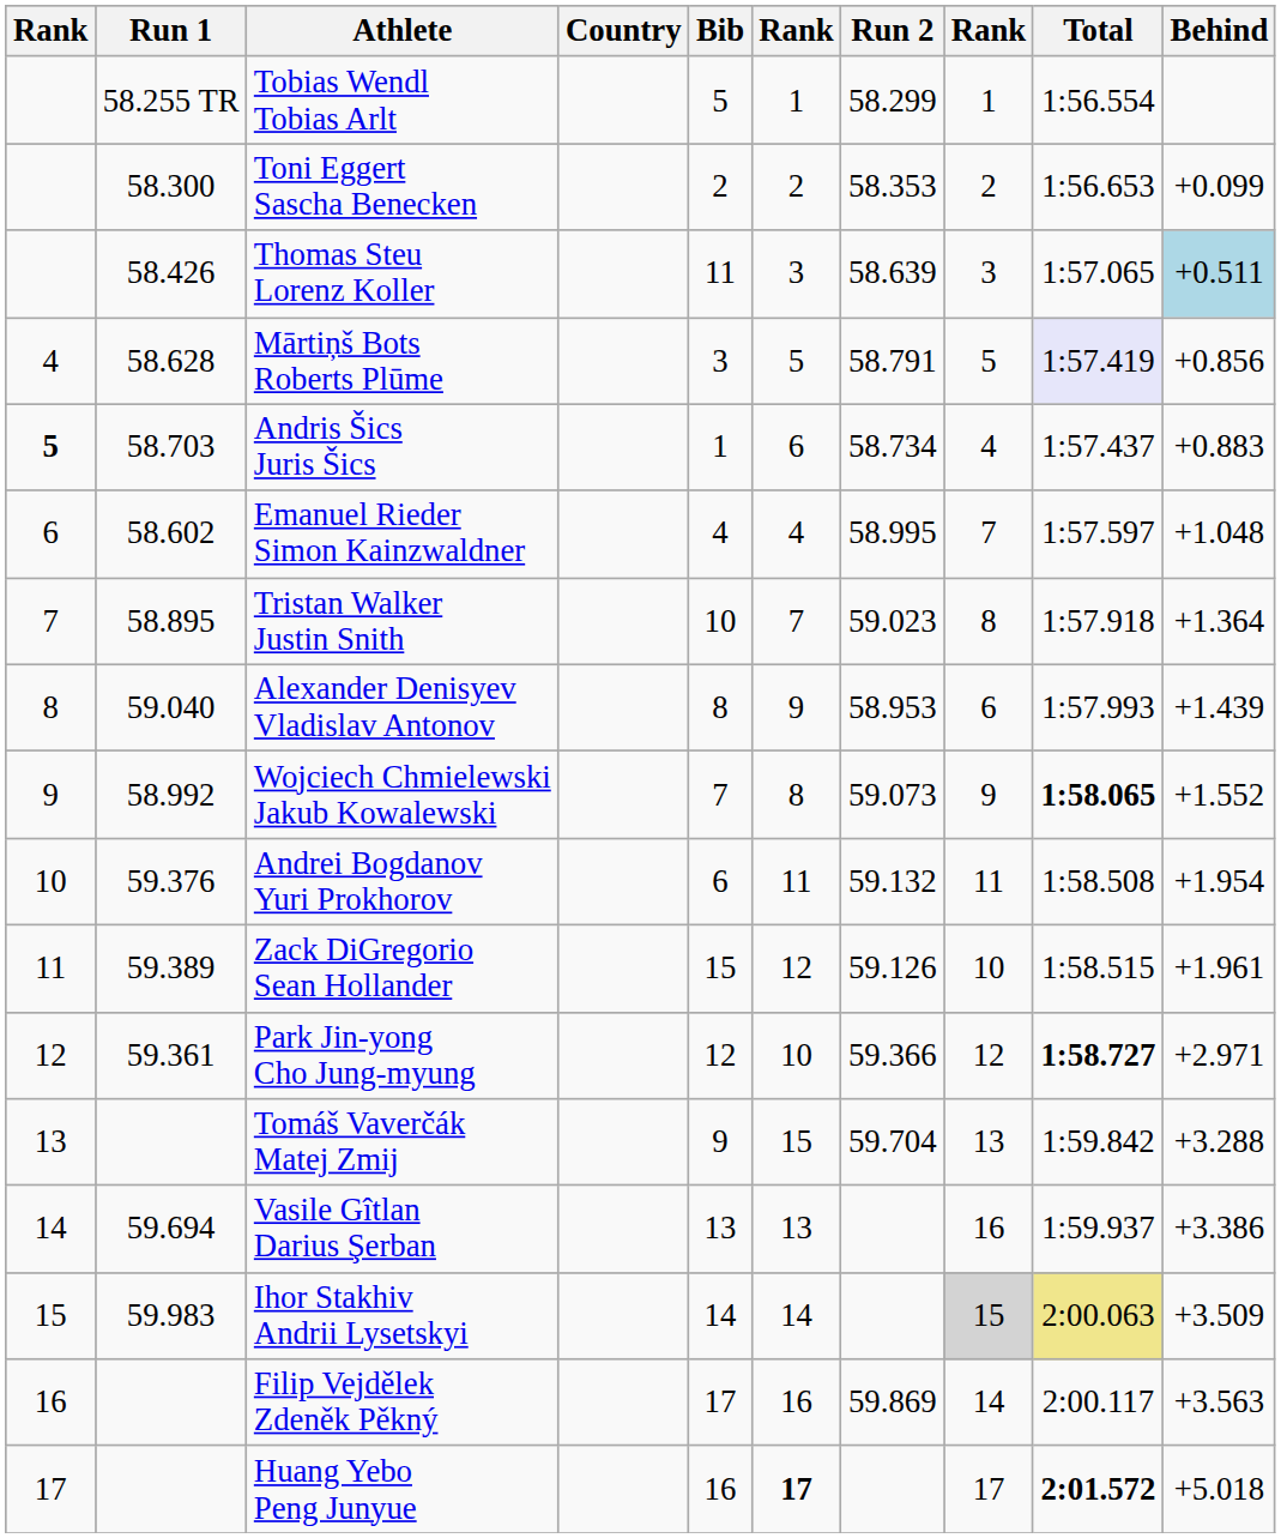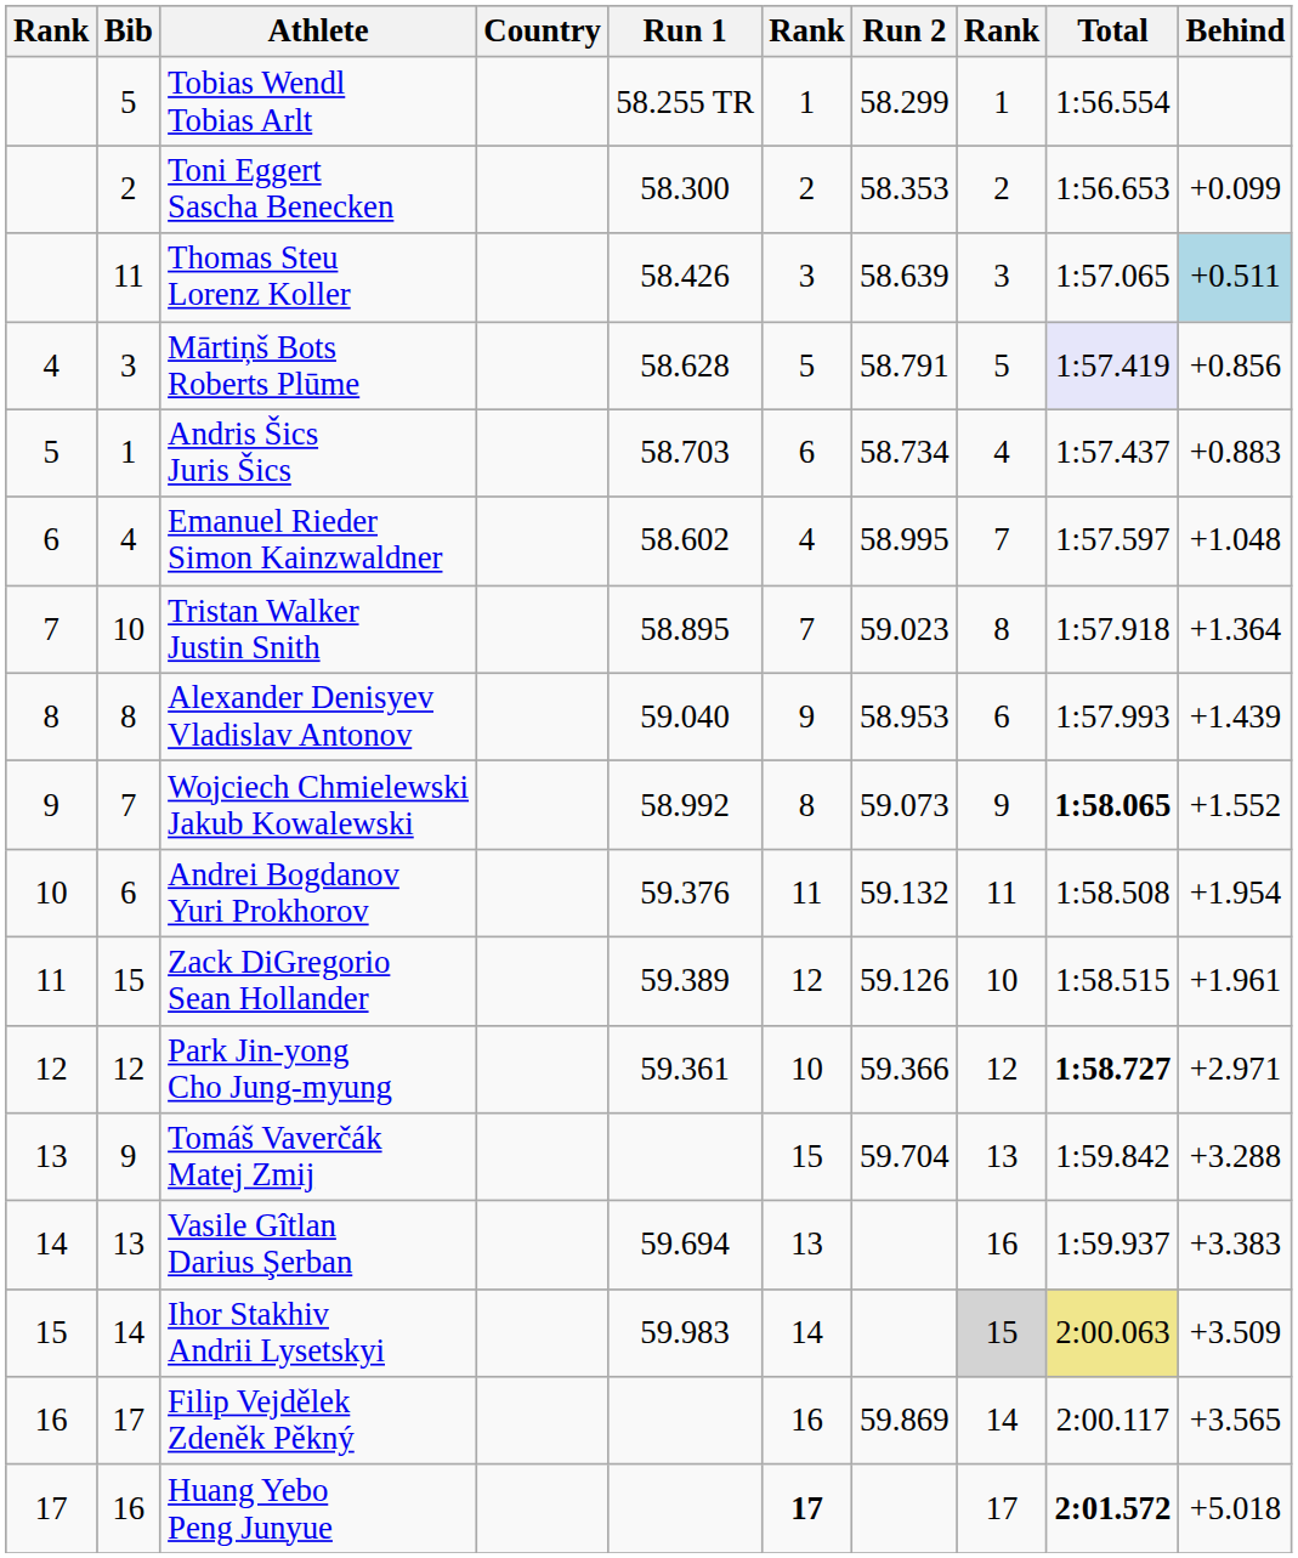 <table class="wikitable sortable" style="text-align:center;">
 <tr>
 <th>Rank</th>
-<th>Run 1</th>
+<th>Bib</th>
 <th>Athlete</th>
 <th>Country</th>
-<th>Bib</th>
+<th>Run 1</th>
 <th>Rank</th>
 <th>Run 2</th>
 <th>Rank</th>
 <th>Total</th>
 <th>Behind</th>
 </tr>
 <tr>
 <td></td>
-<td>58.255 TR</td>
+<td>5</td>
 <td align=left><a href='#'>Tobias Wendl</a><br><a href='#'>Tobias Arlt</a></td>
 <td align=left></td>
-<td>5</td>
+<td>58.255 TR</td>
 <td>1</td>
 <td>58.299</td>
 <td>1</td>
 <td>1:56.554</td>
 <td></td>
 </tr>
 <tr>
 <td></td>
-<td>58.300</td>
+<td>2</td>
 <td align=left><a href='#'>Toni Eggert</a><br><a href='#'>Sascha Benecken</a></td>
 <td align=left></td>
-<td>2</td>
+<td>58.300</td>
 <td>2</td>
 <td>58.353</td>
 <td>2</td>
 <td>1:56.653</td>
 <td>+0.099</td>
 </tr>
 <tr>
 <td></td>
-<td>58.426</td>
+<td>11</td>
 <td align=left><a href='#'>Thomas Steu</a><br><a href='#'>Lorenz Koller</a></td>
 <td align=left></td>
-<td>11</td>
+<td>58.426</td>
 <td>3</td>
 <td>58.639</td>
 <td>3</td>
 <td>1:57.065</td>
 <td style="background: lightblue;">+0.511</td>
 </tr>
 <tr>
 <td>4</td>
-<td>58.628</td>
+<td>3</td>
 <td align=left><a href='#'>Mārtiņš Bots</a><br><a href='#'>Roberts Plūme</a></td>
 <td align=left></td>
-<td>3</td>
+<td>58.628</td>
 <td>5</td>
 <td>58.791</td>
 <td>5</td>
 <td style="background: lavender;">1:57.419</td>
 <td>+0.856</td>
 </tr>
 <tr>
-<td><strong>5</strong></td>
-<td>58.703</td>
+<td>5</td>
+<td>1</td>
 <td align=left><a href='#'>Andris Šics</a><br><a href='#'>Juris Šics</a></td>
 <td align=left></td>
-<td>1</td>
+<td>58.703</td>
 <td>6</td>
 <td>58.734</td>
 <td>4</td>
 <td>1:57.437</td>
 <td>+0.883</td>
 </tr>
 <tr>
 <td>6</td>
-<td>58.602</td>
+<td>4</td>
 <td align=left><a href='#'>Emanuel Rieder</a><br><a href='#'>Simon Kainzwaldner</a></td>
 <td align=left></td>
-<td>4</td>
+<td>58.602</td>
 <td>4</td>
 <td>58.995</td>
 <td>7</td>
 <td>1:57.597</td>
 <td>+1.048</td>
 </tr>
 <tr>
 <td>7</td>
-<td>58.895</td>
+<td>10</td>
 <td align=left><a href='#'>Tristan Walker</a><br><a href='#'>Justin Snith</a></td>
 <td align=left></td>
-<td>10</td>
+<td>58.895</td>
 <td>7</td>
 <td>59.023</td>
 <td>8</td>
 <td>1:57.918</td>
 <td>+1.364</td>
 </tr>
 <tr>
 <td>8</td>
-<td>59.040</td>
+<td>8</td>
 <td align=left><a href='#'>Alexander Denisyev</a><br><a href='#'>Vladislav Antonov</a></td>
 <td align=left></td>
-<td>8</td>
+<td>59.040</td>
 <td>9</td>
 <td>58.953</td>
 <td>6</td>
 <td>1:57.993</td>
 <td>+1.439</td>
 </tr>
 <tr>
 <td>9</td>
-<td>58.992</td>
+<td>7</td>
 <td align=left><a href='#'>Wojciech Chmielewski</a><br><a href='#'>Jakub Kowalewski</a></td>
 <td align=left></td>
-<td>7</td>
+<td>58.992</td>
 <td>8</td>
 <td>59.073</td>
 <td>9</td>
 <td><strong>1:58.065</strong></td>
 <td>+1.552</td>
 </tr>
 <tr>
 <td>10</td>
-<td>59.376</td>
+<td>6</td>
 <td align=left><a href='#'>Andrei Bogdanov</a><br><a href='#'>Yuri Prokhorov</a></td>
 <td align=left></td>
-<td>6</td>
+<td>59.376</td>
 <td>11</td>
 <td>59.132</td>
 <td>11</td>
 <td>1:58.508</td>
 <td>+1.954</td>
 </tr>
 <tr>
 <td>11</td>
-<td>59.389</td>
+<td>15</td>
 <td align=left><a href='#'>Zack DiGregorio</a><br><a href='#'>Sean Hollander</a></td>
 <td align=left></td>
-<td>15</td>
+<td>59.389</td>
 <td>12</td>
 <td>59.126</td>
 <td>10</td>
 <td>1:58.515</td>
 <td>+1.961</td>
 </tr>
 <tr>
 <td>12</td>
-<td>59.361</td>
+<td>12</td>
 <td align=left><a href='#'>Park Jin-yong</a><br><a href='#'>Cho Jung-myung</a></td>
 <td align=left></td>
-<td>12</td>
+<td>59.361</td>
 <td>10</td>
 <td>59.366</td>
 <td>12</td>
 <td><strong>1:58.727</strong></td>
 <td>+2.971</td>
 </tr>
 <tr>
 <td>13</td>
-<td></td>
+<td>9</td>
 <td align=left><a href='#'>Tomáš Vaverčák</a><br><a href='#'>Matej Zmij</a></td>
 <td align=left></td>
-<td>9</td>
+<td></td>
 <td>15</td>
 <td>59.704</td>
 <td>13</td>
 <td>1:59.842</td>
 <td>+3.288</td>
 </tr>
 <tr>
 <td>14</td>
-<td>59.694</td>
+<td>13</td>
 <td align=left><a href='#'>Vasile Gîtlan</a><br><a href='#'>Darius Şerban</a></td>
 <td align=left></td>
-<td>13</td>
+<td>59.694</td>
 <td>13</td>
 <td></td>
 <td>16</td>
 <td>1:59.937</td>
-<td>+3.386</td>
+<td>+3.383</td>
 </tr>
 <tr>
 <td>15</td>
-<td>59.983</td>
+<td>14</td>
 <td align=left><a href='#'>Ihor Stakhiv</a><br><a href='#'>Andrii Lysetskyi</a></td>
 <td align=left></td>
-<td>14</td>
+<td>59.983</td>
 <td>14</td>
 <td></td>
 <td style="background: lightgrey;">15</td>
 <td style="background: khaki;">2:00.063</td>
 <td>+3.509</td>
 </tr>
 <tr>
 <td>16</td>
-<td></td>
+<td>17</td>
 <td align=left><a href='#'>Filip Vejdělek</a><br><a href='#'>Zdeněk Pěkný</a></td>
 <td align=left></td>
-<td>17</td>
+<td></td>
 <td>16</td>
 <td>59.869</td>
 <td>14</td>
 <td>2:00.117</td>
-<td>+3.563</td>
+<td>+3.565</td>
 </tr>
 <tr>
 <td>17</td>
-<td></td>
+<td>16</td>
 <td align=left><a href='#'>Huang Yebo</a><br><a href='#'>Peng Junyue</a></td>
 <td align=left></td>
-<td>16</td>
+<td></td>
 <td><strong>17</strong></td>
 <td></td>
 <td>17</td>
 <td><strong>2:01.572</strong></td>
 <td>+5.018</td>
 </tr>
 </table>
